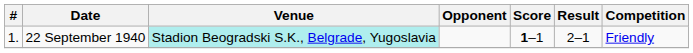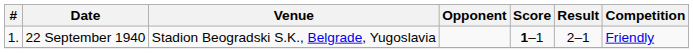 <table class="wikitable" style="font-size: 95%;">
 <tr>
 <th>#</th>
 <th>Date</th>
 <th>Venue</th>
 <th>Opponent</th>
 <th>Score</th>
 <th>Result</th>
 <th>Competition</th>
 </tr>
 <tr>
 <td>1.</td>
 <td>22 September 1940</td>
-<td style="background: paleturquoise;">Stadion Beogradski S.K., <a href='#'>Belgrade</a>, Yugoslavia</td>
+<td>Stadion Beogradski S.K., <a href='#'>Belgrade</a>, Yugoslavia</td>
 <td></td>
 <td align=center><strong>1</strong>–1</td>
 <td align=center>2–1</td>
 <td><a href='#'>Friendly</a></td>
 </tr>
 <tr>
 </tr>
 </table>
